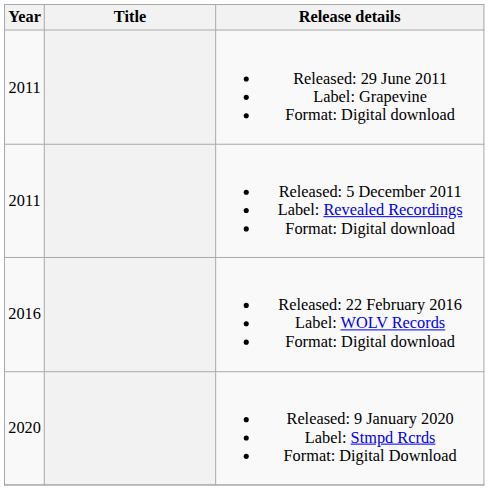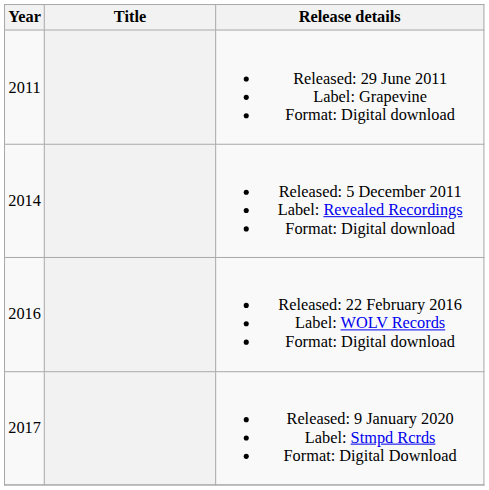 <table class="wikitable plainrowheaders" style="text-align:center;">
 <tr>
 <th>Year</th>
 <th scope="col" rowspan="1" style="width:10em;">Title</th>
 <th scope="col" rowspan="1" style="width:16em;">Release details</th>
 </tr>
 <tr>
 <td>2011</td>
 <th></th>
 <td><br><ul><li>Released: 29 June 2011</li><li>Label: Grapevine</li><li>Format: Digital download</li></ul></td>
 </tr>
 <tr>
-<td>2011</td>
+<td>2014</td>
 <th></th>
 <td><br><ul><li>Released: 5 December 2011</li><li>Label: <a href='#'>Revealed Recordings</a></li><li>Format: Digital download</li></ul></td>
 </tr>
 <tr>
 <td>2016</td>
 <th></th>
 <td><br><ul><li>Released: 22 February 2016</li><li>Label: <a href='#'>WOLV Records</a></li><li>Format: Digital download</li></ul></td>
 </tr>
 <tr>
-<td>2020</td>
+<td>2017</td>
 <th></th>
 <td><br><ul><li>Released: 9 January 2020</li><li>Label: <a href='#'>Stmpd Rcrds</a></li><li>Format: Digital Download</li></ul></td>
 </tr>
 <tr>
 </tr>
 </table>
